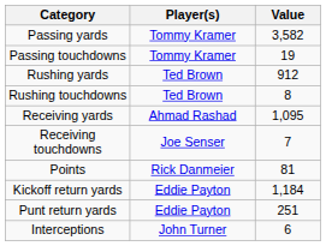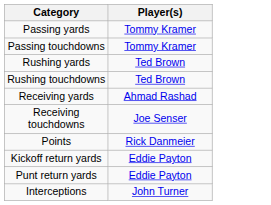 <table class="wikitable" style="text-align:center">
 <tr>
 <th width=150px>Category</th>
 <th width=150px>Player(s)</th>
-<th width=75px>Value</th>
 </tr>
 <tr>
 <td>Passing yards</td>
 <td><a href='#'>Tommy Kramer</a></td>
-<td>3,582</td>
 </tr>
 <tr>
 <td>Passing touchdowns</td>
 <td><a href='#'>Tommy Kramer</a></td>
-<td>19</td>
 </tr>
 <tr>
 <td>Rushing yards</td>
 <td><a href='#'>Ted Brown</a></td>
-<td>912</td>
 </tr>
 <tr>
 <td>Rushing touchdowns</td>
 <td><a href='#'>Ted Brown</a></td>
-<td>8</td>
 </tr>
 <tr>
 <td>Receiving yards</td>
 <td><a href='#'>Ahmad Rashad</a></td>
-<td>1,095</td>
 </tr>
 <tr>
 <td>Receiving touchdowns</td>
 <td><a href='#'>Joe Senser</a></td>
-<td>7</td>
 </tr>
 <tr>
 <td>Points</td>
 <td><a href='#'>Rick Danmeier</a></td>
-<td>81</td>
 </tr>
 <tr>
 <td>Kickoff return yards</td>
 <td><a href='#'>Eddie Payton</a></td>
-<td>1,184</td>
 </tr>
 <tr>
 <td>Punt return yards</td>
 <td><a href='#'>Eddie Payton</a></td>
-<td>251</td>
 </tr>
 <tr>
 <td>Interceptions</td>
 <td><a href='#'>John Turner</a></td>
-<td>6</td>
 </tr>
 </table>
